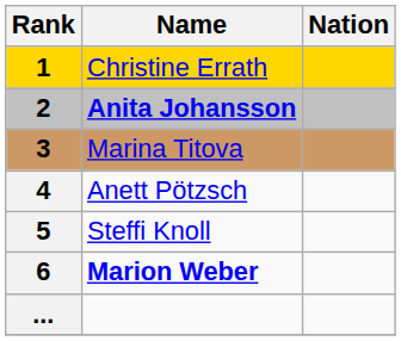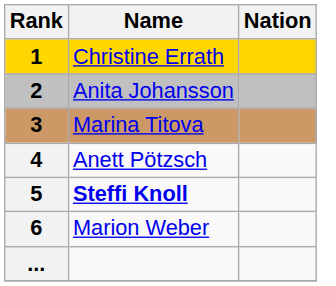 <table class="wikitable">
 <tr>
 <th>Rank</th>
 <th>Name</th>
 <th>Nation</th>
 </tr>
 <tr bgcolor="gold">
 <td align="center"><strong>1</strong></td>
 <td><a href='#'>Christine Errath</a></td>
 <td></td>
 </tr>
 <tr bgcolor="silver">
 <td align="center"><strong>2</strong></td>
-<td><strong><a href='#'>Anita Johansson</a></strong></td>
+<td><a href='#'>Anita Johansson</a></td>
 <td></td>
 </tr>
 <tr bgcolor="cc9966">
 <td align="center"><strong>3</strong></td>
 <td><a href='#'>Marina Titova</a></td>
 <td></td>
 </tr>
 <tr>
 <th>4</th>
 <td><a href='#'>Anett Pötzsch</a></td>
 <td></td>
 </tr>
 <tr>
 <th>5</th>
-<td><a href='#'>Steffi Knoll</a></td>
+<td><strong><a href='#'>Steffi Knoll</a></strong></td>
 <td></td>
 </tr>
 <tr>
 <th>6</th>
-<td><strong><a href='#'>Marion Weber</a></strong></td>
+<td><a href='#'>Marion Weber</a></td>
 <td></td>
 </tr>
 <tr>
 <th>...</th>
 <td></td>
 <td></td>
 </tr>
 <tr>
 </tr>
 </table>
